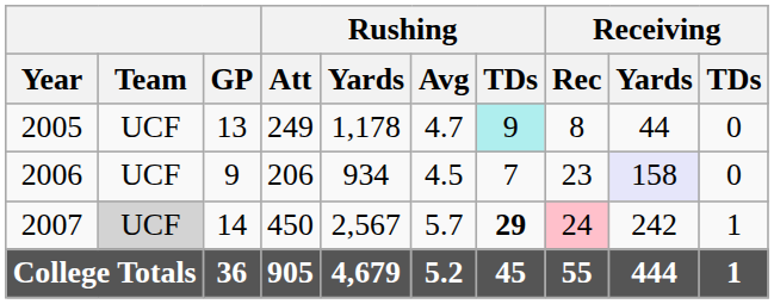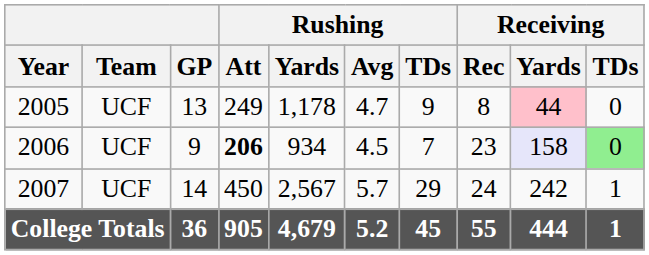 <table class="wikitable" style="text-align:center;">
 <tr>
 <th colspan=3></th>
 <th colspan=4>Rushing</th>
 <th colspan=3>Receiving</th>
 </tr>
 <tr>
 <th>Year</th>
 <th>Team</th>
 <th>GP</th>
 <th>Att</th>
 <th>Yards</th>
 <th>Avg</th>
 <th>TDs</th>
 <th>Rec</th>
 <th>Yards</th>
 <th>TDs</th>
 </tr>
 <tr>
 <td>2005</td>
 <td>UCF</td>
 <td>13</td>
 <td>249</td>
 <td>1,178</td>
 <td>4.7</td>
-<td style="background: paleturquoise;">9</td>
+<td>9</td>
 <td>8</td>
-<td>44</td>
+<td style="background: pink;">44</td>
 <td>0</td>
 </tr>
 <tr>
 <td>2006</td>
 <td>UCF</td>
 <td>9</td>
-<td>206</td>
+<td><strong>206</strong></td>
 <td>934</td>
 <td>4.5</td>
 <td>7</td>
 <td>23</td>
 <td style="background: lavender;">158</td>
-<td>0</td>
+<td style="background: lightgreen;">0</td>
 </tr>
 <tr>
 <td>2007</td>
-<td style="background: lightgrey;">UCF</td>
+<td>UCF</td>
 <td>14</td>
 <td>450</td>
 <td>2,567</td>
 <td>5.7</td>
-<td><strong>29</strong></td>
-<td style="background: pink;">24</td>
+<td>29</td>
+<td>24</td>
 <td>242</td>
 <td>1</td>
 </tr>
 <tr style="background:#555; font-weight:bold; color:white;">
 <td colspan=2>College Totals</td>
 <td>36</td>
 <td>905</td>
 <td>4,679</td>
 <td>5.2</td>
 <td>45</td>
 <td>55</td>
 <td>444</td>
 <td>1</td>
 </tr>
 </table>
